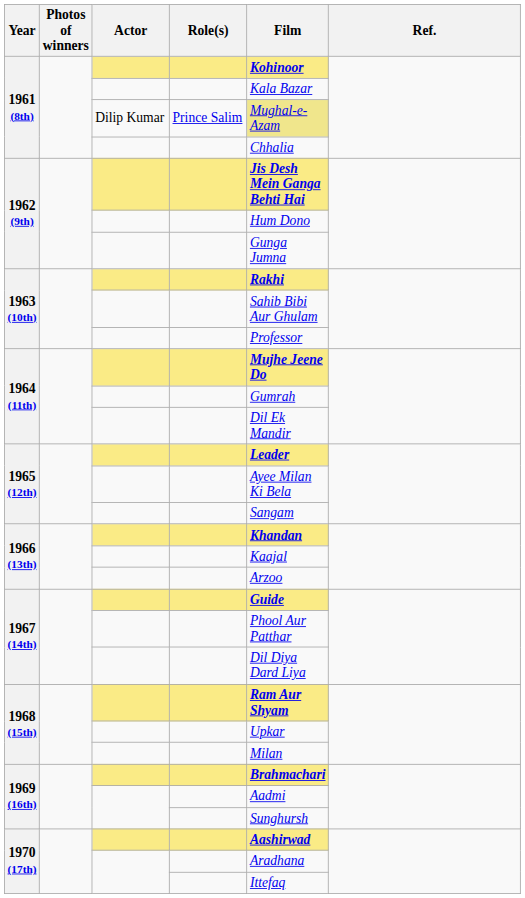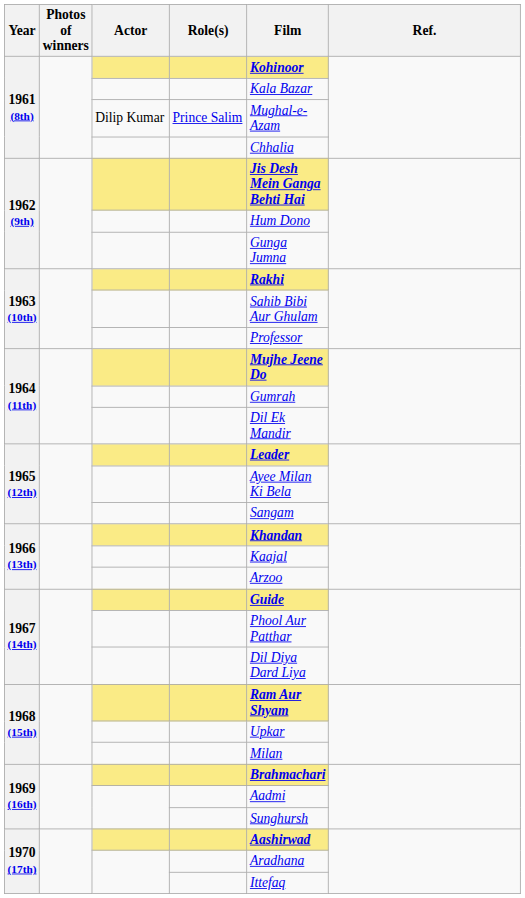 <table class="wikitable sortable" style="text-align:left;">
 <tr>
 <th scope="col" style="width:3%; text-align:center;">Year</th>
 <th scope="col" style="width:3%; text-align:center;">Photos of winners</th>
 <th scope="col" style="width:15%;text-align:center;">Actor</th>
 <th scope="col" style="width:15%;text-align:center;">Role(s)</th>
 <th scope="col" style="width:15%;text-align:center;">Film</th>
 <th>Ref.</th>
 </tr>
 <tr>
 <th rowspan="4" scope="row" style="text-align:center">1961 <br><small><a href='#'>(8th)</a> </small></th>
 <td rowspan="4" style="text-align:center"></td>
 <td style="background:#FAEB86;"><strong></strong> </td>
 <td style="background:#FAEB86;"><strong></strong></td>
 <td style="background:#FAEB86;"><strong><em><a href='#'>Kohinoor</a></em></strong></td>
 <td rowspan="4"></td>
 </tr>
 <tr>
 <td></td>
 <td></td>
 <td><em><a href='#'>Kala Bazar</a></em></td>
 </tr>
 <tr>
 <td>Dilip Kumar</td>
 <td><a href='#'>Prince Salim</a></td>
-<td style="background: khaki;"><em><a href='#'>Mughal-e-Azam</a></em></td>
+<td><em><a href='#'>Mughal-e-Azam</a></em></td>
 </tr>
 <tr>
 <td></td>
 <td></td>
 <td><em><a href='#'>Chhalia</a></em></td>
 </tr>
 <tr>
 <th scope="row" rowspan=3 style="text-align:center">1962 <br><small><a href='#'>(9th)</a> </small></th>
 <td rowspan=3 style="text-align:center"></td>
 <td style="background:#FAEB86;"><strong></strong> </td>
 <td style="background:#FAEB86;"><strong></strong></td>
 <td style="background:#FAEB86;"><strong><em><a href='#'>Jis Desh Mein Ganga Behti Hai</a></em></strong></td>
 <td rowspan="3"></td>
 </tr>
 <tr>
 <td></td>
 <td></td>
 <td><em><a href='#'>Hum Dono</a></em></td>
 </tr>
 <tr>
 <td></td>
 <td></td>
 <td><em><a href='#'>Gunga Jumna</a></em></td>
 </tr>
 <tr>
 <th scope="row" rowspan=3 style="text-align:center">1963 <br><small><a href='#'>(10th)</a> </small></th>
 <td rowspan=3 style="text-align:center"></td>
 <td style="background:#FAEB86;"><strong></strong> </td>
 <td style="background:#FAEB86;"><strong></strong></td>
 <td style="background:#FAEB86;"><strong><em><a href='#'>Rakhi</a></em></strong></td>
 <td rowspan="3"></td>
 </tr>
 <tr>
 <td></td>
 <td></td>
 <td><em><a href='#'>Sahib Bibi Aur Ghulam</a></em></td>
 </tr>
 <tr>
 <td></td>
 <td></td>
 <td><em><a href='#'>Professor</a></em></td>
 </tr>
 <tr>
 <th scope="row" rowspan=3 style="text-align:center">1964 <br><small><a href='#'>(11th)</a> </small></th>
 <td rowspan=3 style="text-align:center"></td>
 <td style="background:#FAEB86;"><strong></strong> </td>
 <td style="background:#FAEB86;"><strong></strong></td>
 <td style="background:#FAEB86;"><strong><em><a href='#'>Mujhe Jeene Do</a></em></strong></td>
 <td rowspan="3"></td>
 </tr>
 <tr>
 <td></td>
 <td></td>
 <td><em><a href='#'>Gumrah</a></em></td>
 </tr>
 <tr>
 <td></td>
 <td></td>
 <td><em><a href='#'>Dil Ek Mandir</a></em></td>
 </tr>
 <tr>
 <th scope="row" rowspan=3 style="text-align:center">1965 <br><small><a href='#'>(12th)</a> </small></th>
 <td rowspan=3 style="text-align:center"></td>
 <td style="background:#FAEB86;"><strong></strong> </td>
 <td style="background:#FAEB86;"><strong></strong></td>
 <td style="background:#FAEB86;"><strong><em><a href='#'>Leader</a></em></strong></td>
 <td rowspan="3"></td>
 </tr>
 <tr>
 <td></td>
 <td></td>
 <td><em><a href='#'>Ayee Milan Ki Bela </a></em></td>
 </tr>
 <tr>
 <td></td>
 <td></td>
 <td><em><a href='#'>Sangam</a></em></td>
 </tr>
 <tr>
 <th scope="row" rowspan=3 style="text-align:center">1966 <br><small><a href='#'>(13th)</a> </small></th>
 <td rowspan=3 style="text-align:center"></td>
 <td style="background:#FAEB86;"><strong></strong> </td>
 <td style="background:#FAEB86;"><strong></strong></td>
 <td style="background:#FAEB86;"><strong><em><a href='#'>Khandan</a></em></strong></td>
 <td rowspan="3"></td>
 </tr>
 <tr>
 <td></td>
 <td></td>
 <td><em><a href='#'>Kaajal</a></em></td>
 </tr>
 <tr>
 <td></td>
 <td></td>
 <td><em><a href='#'>Arzoo</a></em></td>
 </tr>
 <tr>
 <th scope="row" rowspan=3 style="text-align:center">1967 <br><small><a href='#'>(14th)</a> </small></th>
 <td rowspan=3 style="text-align:center"></td>
 <td style="background:#FAEB86;"><strong></strong> </td>
 <td style="background:#FAEB86;"><strong></strong></td>
 <td style="background:#FAEB86;"><strong><em><a href='#'>Guide</a></em></strong></td>
 <td rowspan="3"></td>
 </tr>
 <tr>
 <td></td>
 <td></td>
 <td><em><a href='#'>Phool Aur Patthar</a></em></td>
 </tr>
 <tr>
 <td></td>
 <td></td>
 <td><em><a href='#'>Dil Diya Dard Liya</a></em></td>
 </tr>
 <tr>
 <th scope="row" rowspan=3 style="text-align:center">1968 <br><small><a href='#'>(15th)</a> </small></th>
 <td rowspan=3 style="text-align:center"></td>
 <td style="background:#FAEB86;"><strong></strong> </td>
 <td style="background:#FAEB86;"><strong></strong></td>
 <td style="background:#FAEB86;"><strong><em><a href='#'>Ram Aur Shyam</a></em></strong></td>
 <td rowspan="3"></td>
 </tr>
 <tr>
 <td></td>
 <td></td>
 <td><em><a href='#'>Upkar</a></em></td>
 </tr>
 <tr>
 <td></td>
 <td></td>
 <td><em><a href='#'>Milan</a></em></td>
 </tr>
 <tr>
 <th scope="row" rowspan=3 style="text-align:center">1969 <br><small><a href='#'>(16th)</a> </small></th>
 <td rowspan=3 style="text-align:center"></td>
 <td style="background:#FAEB86;"><strong></strong> </td>
 <td style="background:#FAEB86;"><strong></strong></td>
 <td style="background:#FAEB86;"><strong><em><a href='#'>Brahmachari</a></em></strong></td>
 <td rowspan="3"></td>
 </tr>
 <tr>
 <td rowspan=2></td>
 <td></td>
 <td><em><a href='#'>Aadmi</a></em></td>
 </tr>
 <tr>
 <td></td>
 <td><em><a href='#'>Sunghursh</a></em></td>
 </tr>
 <tr>
 <th scope="row" rowspan=3 style="text-align:center">1970 <br><small><a href='#'>(17th)</a> </small></th>
 <td rowspan=3 style="text-align:center"></td>
 <td style="background:#FAEB86;"><strong></strong> </td>
 <td style="background:#FAEB86;"><strong></strong></td>
 <td style="background:#FAEB86;"><strong><em><a href='#'>Aashirwad</a></em></strong></td>
 <td rowspan="3"></td>
 </tr>
 <tr>
 <td rowspan=2></td>
 <td></td>
 <td><em><a href='#'>Aradhana</a></em></td>
 </tr>
 <tr>
 <td></td>
 <td><em><a href='#'>Ittefaq</a></em></td>
 </tr>
 </table>
